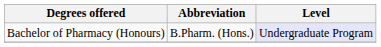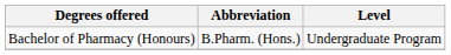 <table class="wikitable">
 <tr>
 <th>Degrees offered</th>
 <th>Abbreviation</th>
 <th>Level</th>
 </tr>
 <tr>
 <td>Bachelor of Pharmacy (Honours)</td>
 <td>B.Pharm. (Hons.)</td>
-<td style="background: lavender;">Undergraduate Program</td>
+<td>Undergraduate Program</td>
 </tr>
 <tr>
 </tr>
 </table>
